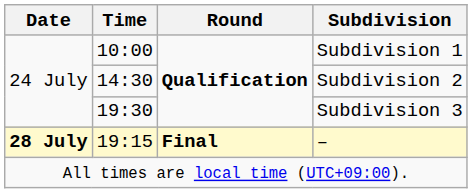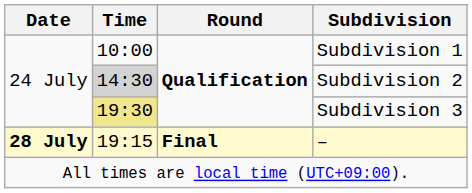 <table class="wikitable">
 <tr>
 <th>Date</th>
 <th>Time</th>
 <th>Round</th>
 <th>Subdivision</th>
 </tr>
 <tr>
 <td rowspan=3>24 July</td>
 <td>10:00</td>
 <td rowspan=3><strong>Qualification</strong></td>
 <td>Subdivision 1</td>
 </tr>
 <tr>
-<td>14:30</td>
+<td style="background: lightgrey;">14:30</td>
 <td>Subdivision 2</td>
 </tr>
 <tr>
-<td>19:30</td>
+<td style="background: khaki;">19:30</td>
 <td>Subdivision 3</td>
 </tr>
 <tr style=background:lemonchiffon>
 <td><strong>28 July</strong></td>
 <td>19:15</td>
 <td><strong>Final</strong></td>
 <td>–</td>
 </tr>
 <tr>
 <td colspan=4 align=center><small>All times are <a href='#'>local time</a> (<a href='#'>UTC+09:00</a>).</small></td>
 </tr>
 </table>
